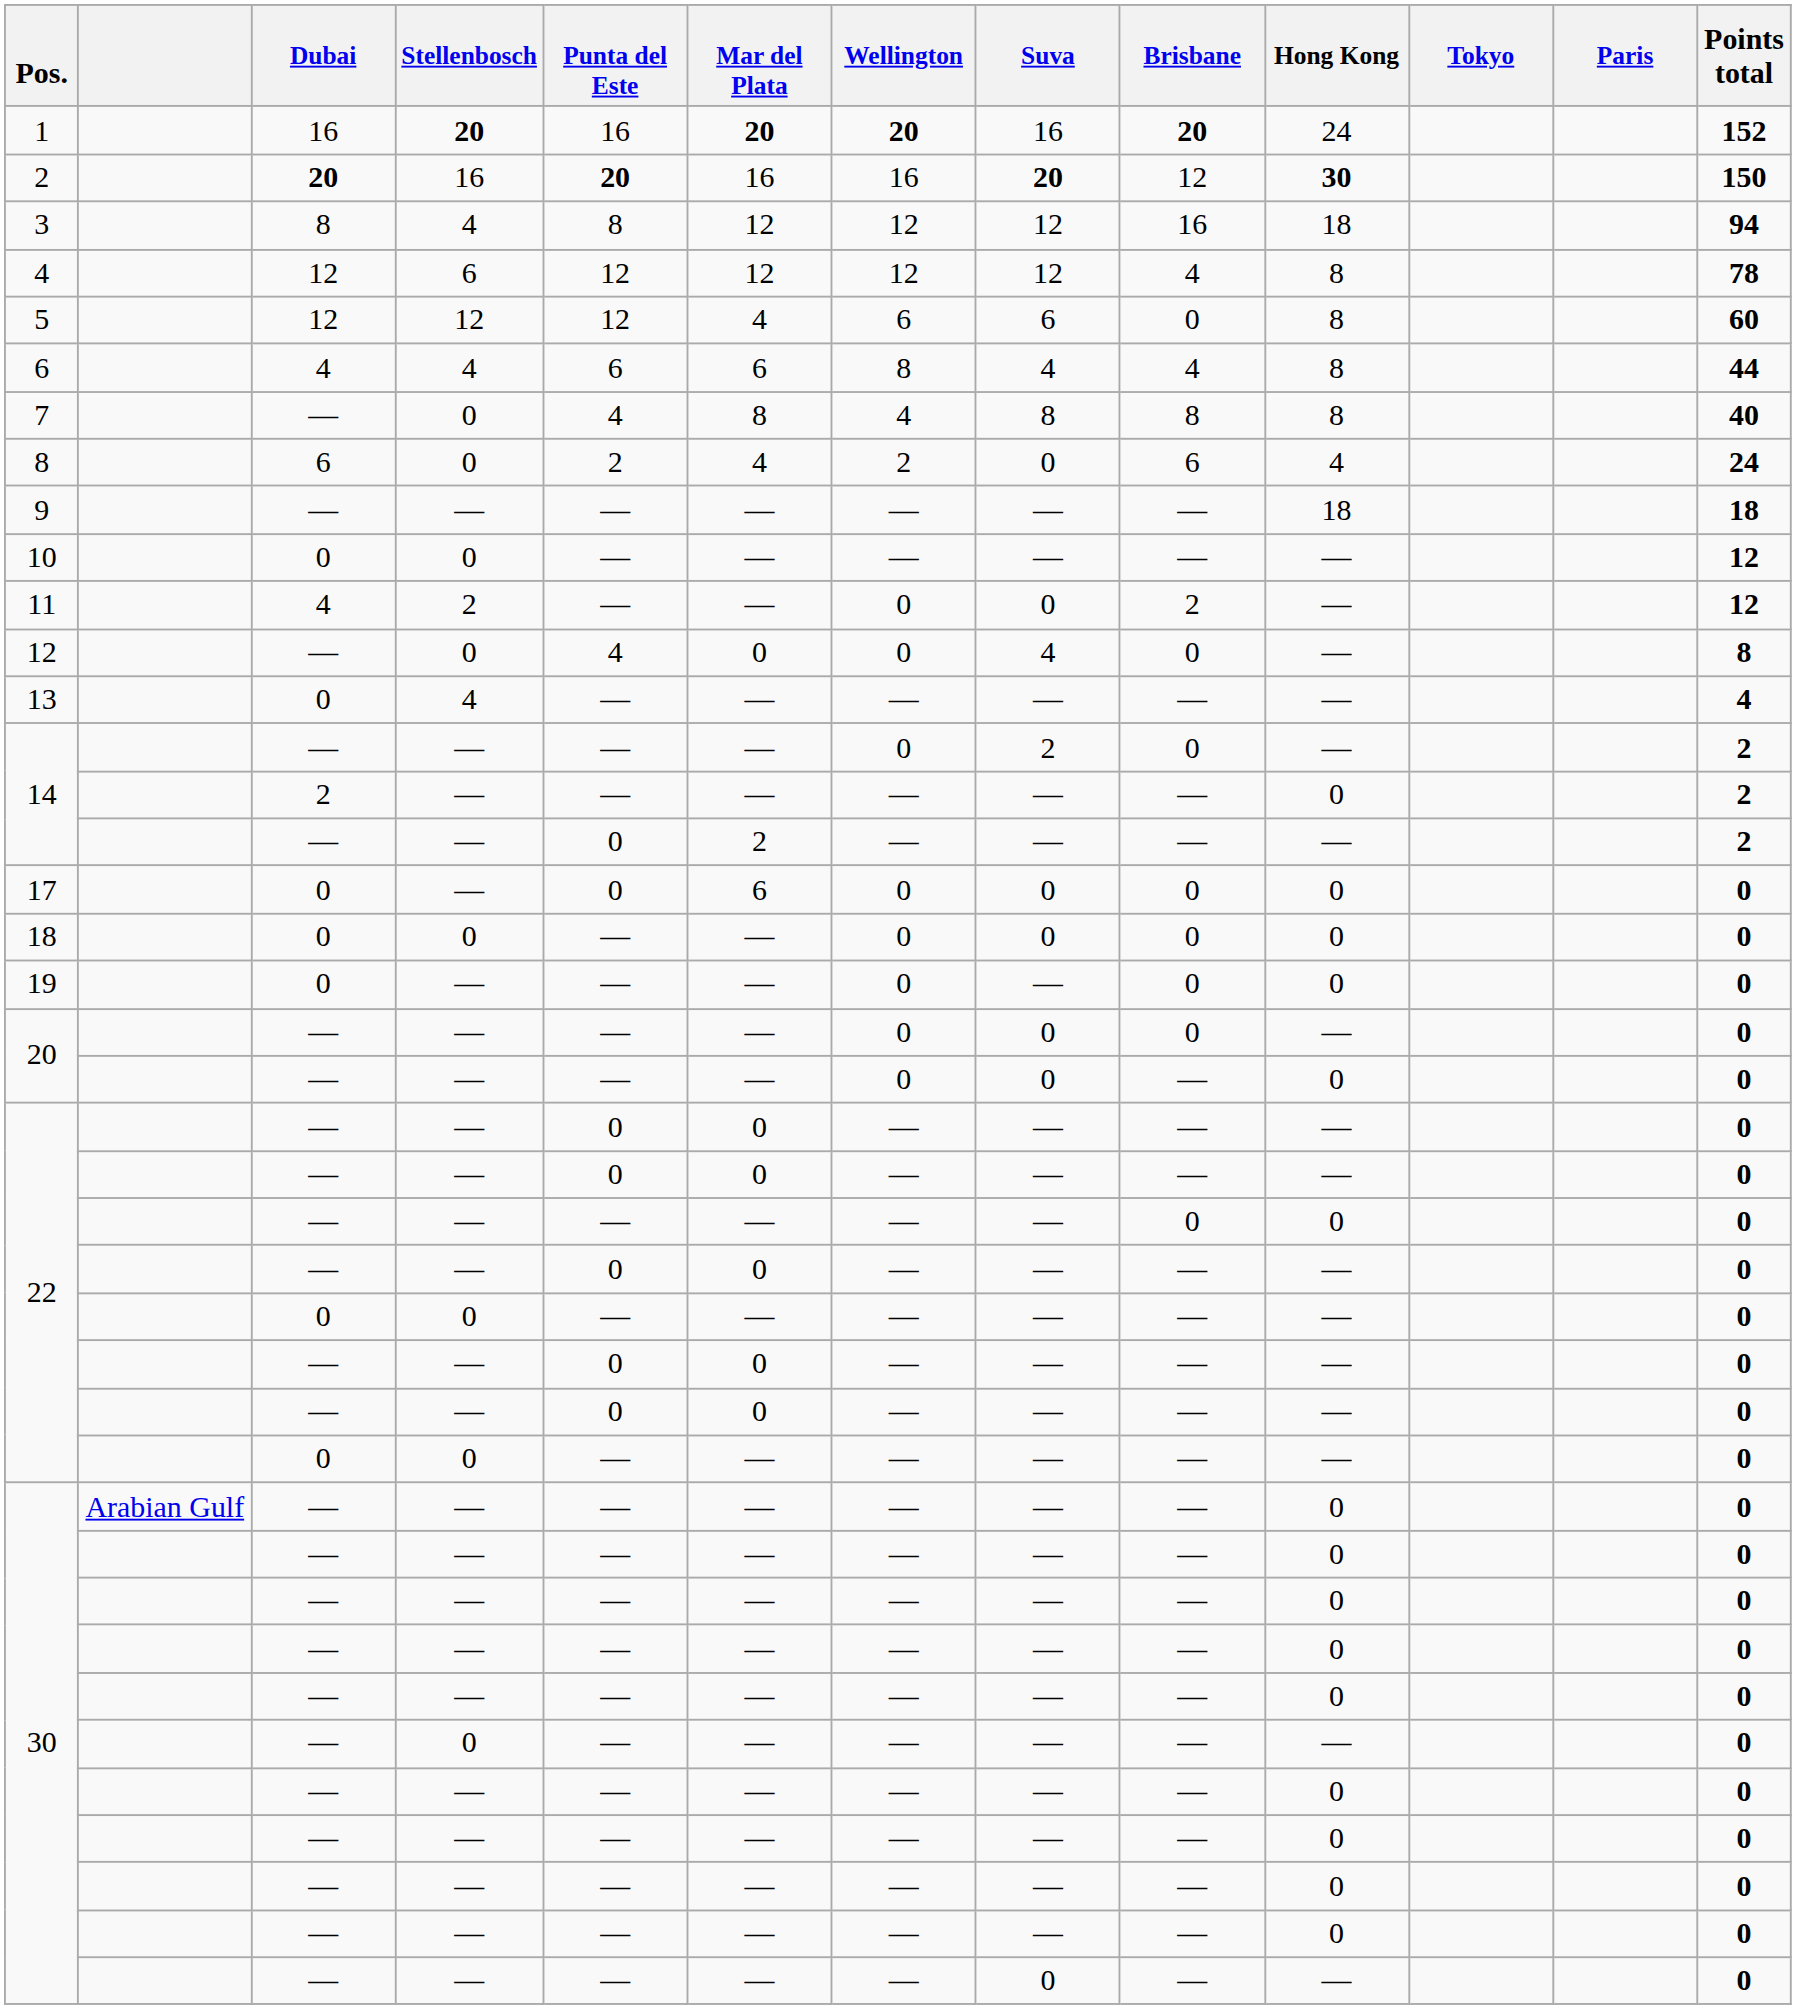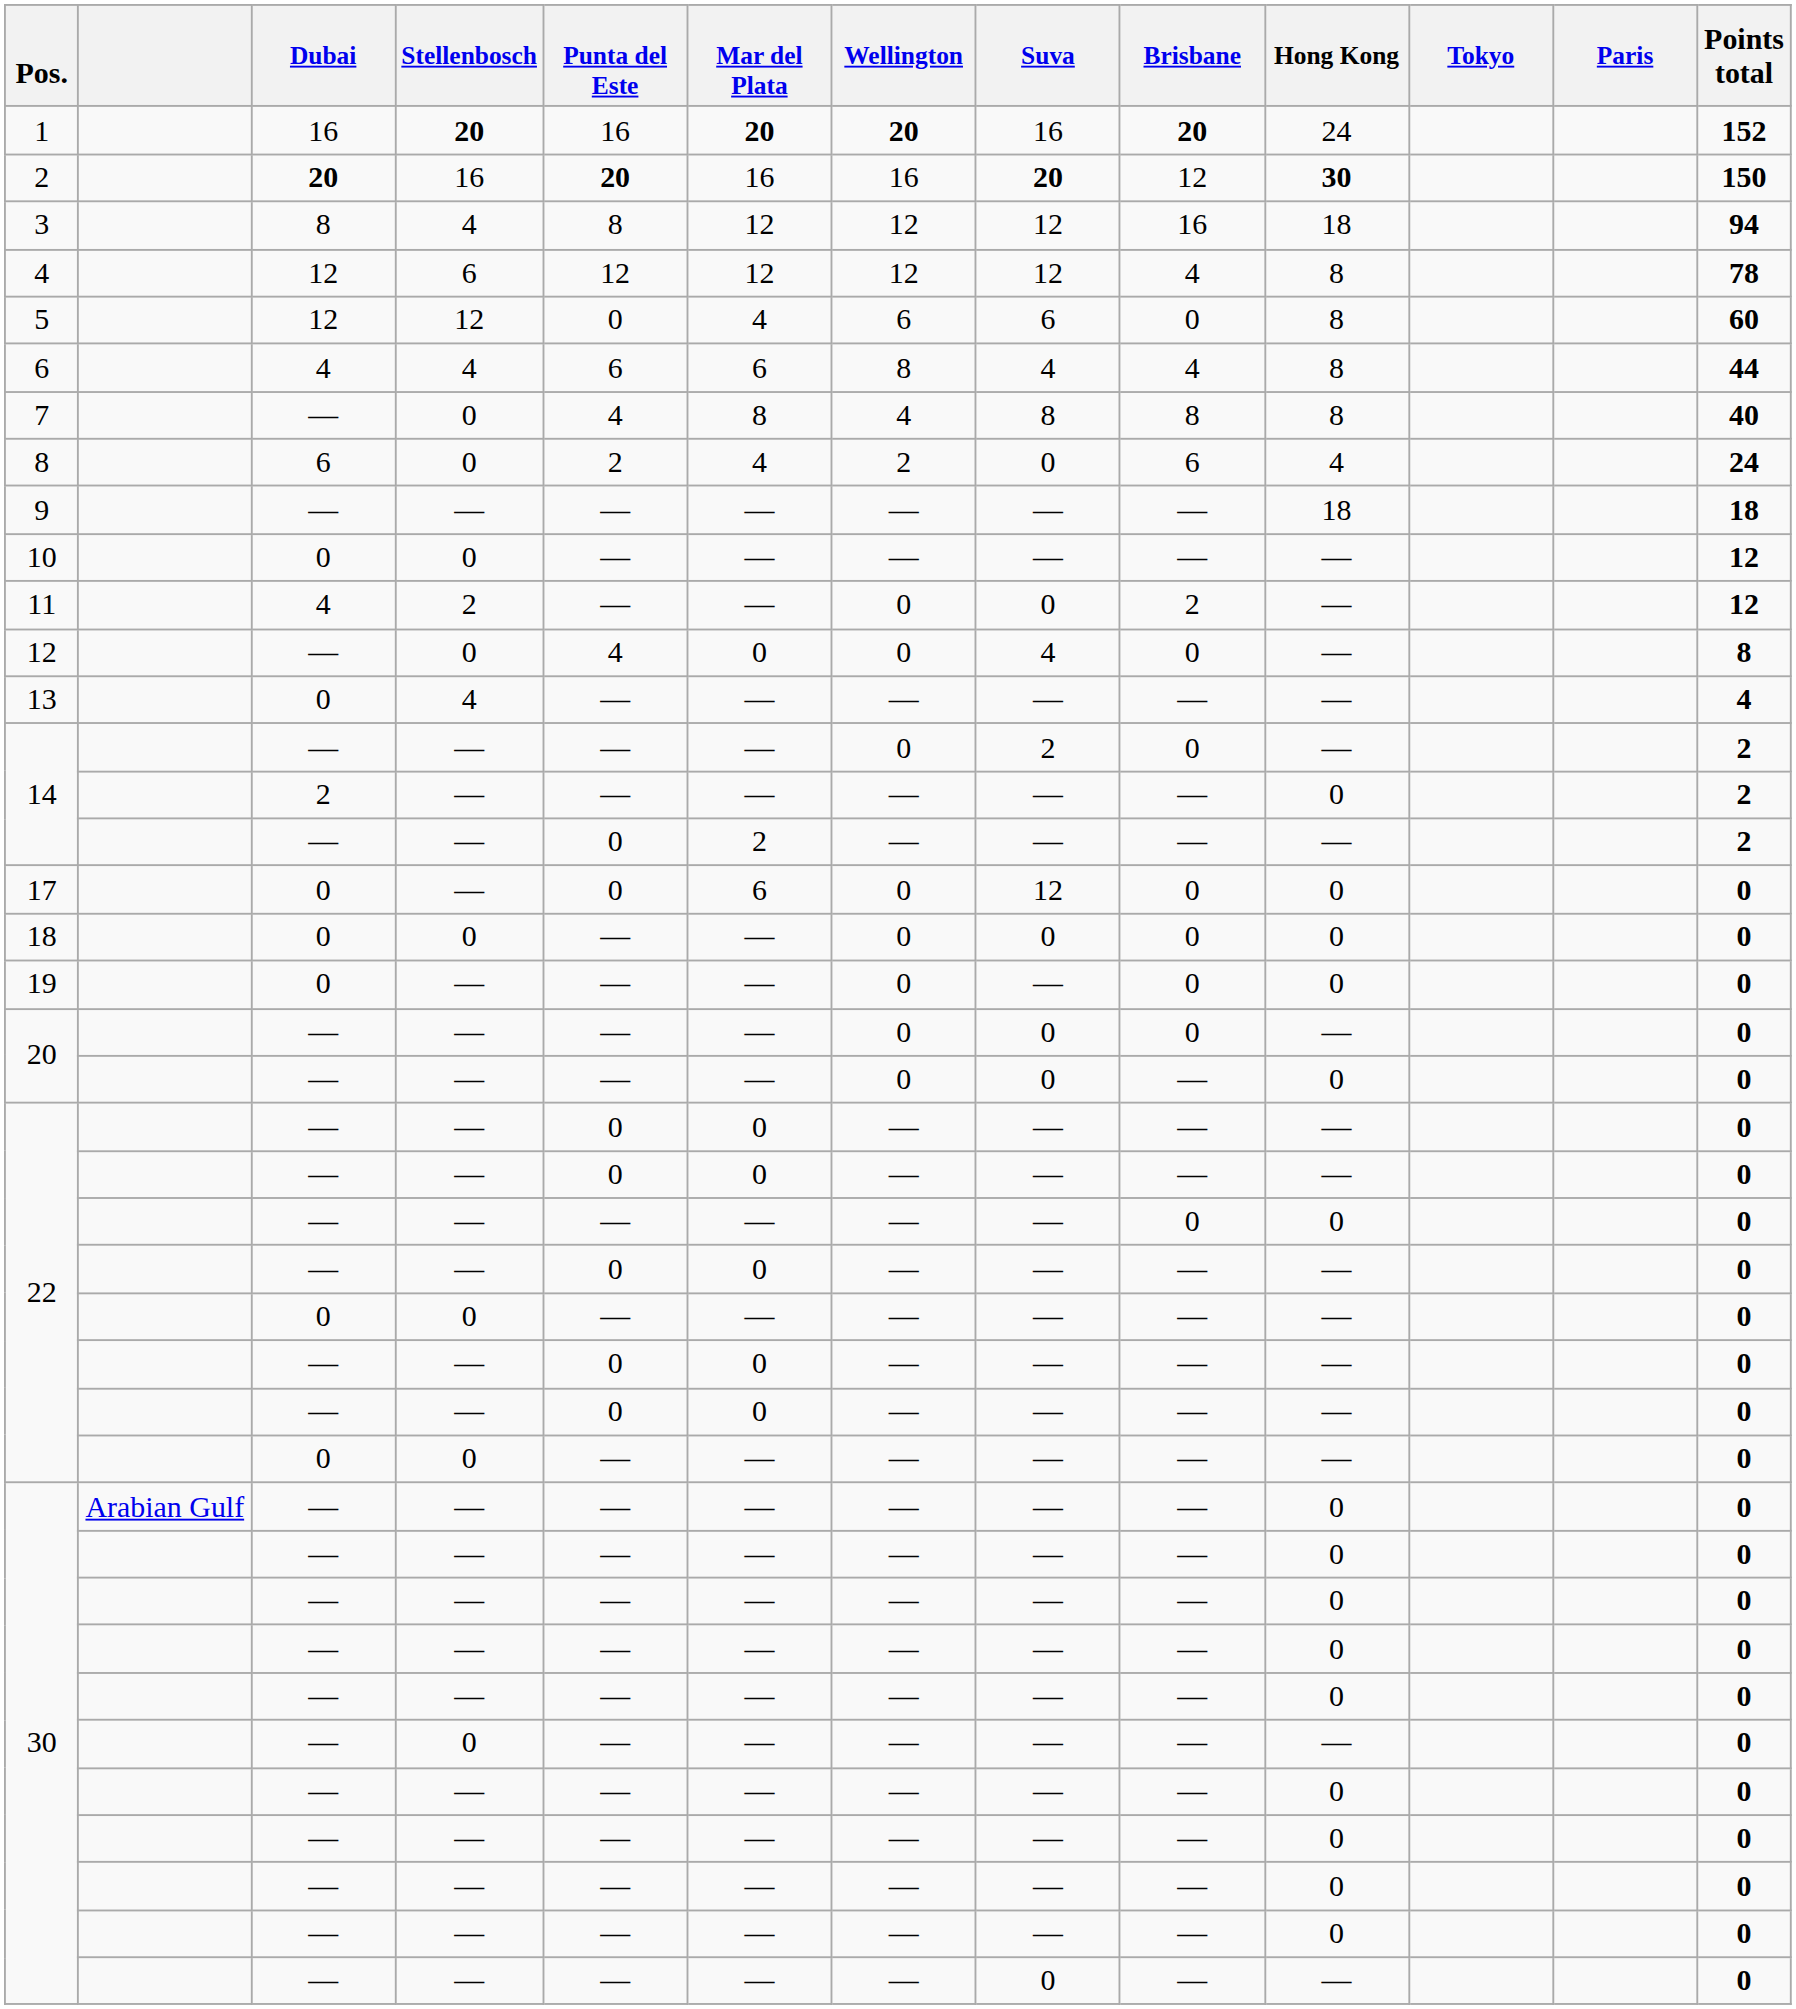 <table class="wikitable" style="text-align:center;">
 <tr>
 <th style="width:2em;"><br>Pos.</th>
 <th></th>
 <th style="width:5.2em; vertical-align:top; font-size:85%;"><br><a href='#'>Dubai</a></th>
 <th style="width:5.2em; vertical-align:top; font-size:85%;"><br><a href='#'>Stellenbosch</a></th>
 <th style="width:5.2em; vertical-align:top; font-size:85%;"><br><a href='#'>Punta del Este</a></th>
 <th style="width:5.2em; vertical-align:top; font-size:85%;"><br><a href='#'>Mar del Plata</a></th>
 <th style="width:5.2em; vertical-align:top; font-size:85%;"><br><a href='#'>Wellington</a></th>
 <th style="width:5.2em; vertical-align:top; font-size:85%;"><br><a href='#'>Suva</a></th>
 <th style="width:5.2em; vertical-align:top; font-size:85%;"><br><a href='#'>Brisbane</a></th>
 <th style="width:5.2em; vertical-align:top; font-size:85%;"><br>Hong Kong</th>
 <th style="width:5.2em; vertical-align:top; font-size:85%;"><br><a href='#'>Tokyo</a></th>
 <th style="width:5.2em; vertical-align:top; font-size:85%;"><br><a href='#'>Paris</a></th>
 <th>Points<br>total</th>
 </tr>
 <tr>
 <td>1</td>
 <td align=left></td>
 <td>16</td>
 <td><strong>20</strong></td>
 <td>16</td>
 <td><strong>20</strong></td>
 <td><strong>20</strong></td>
 <td>16</td>
 <td><strong>20</strong></td>
 <td>24</td>
 <td></td>
 <td></td>
 <td><strong>152</strong></td>
 </tr>
 <tr>
 <td>2</td>
 <td align=left></td>
 <td><strong>20</strong></td>
 <td>16</td>
 <td><strong>20</strong></td>
 <td>16</td>
 <td>16</td>
 <td><strong>20</strong></td>
 <td>12</td>
 <td><strong>30</strong></td>
 <td></td>
 <td></td>
 <td><strong>150</strong></td>
 </tr>
 <tr>
 <td>3</td>
 <td align=left></td>
 <td>8</td>
 <td>4</td>
 <td>8</td>
 <td>12</td>
 <td>12</td>
 <td>12</td>
 <td>16</td>
 <td>18</td>
 <td></td>
 <td></td>
 <td><strong>94</strong></td>
 </tr>
 <tr>
 <td>4</td>
 <td align=left></td>
 <td>12</td>
 <td>6</td>
 <td>12</td>
 <td>12</td>
 <td>12</td>
 <td>12</td>
 <td>4</td>
 <td>8</td>
 <td></td>
 <td></td>
 <td><strong>78</strong></td>
 </tr>
 <tr>
 <td>5</td>
 <td align=left></td>
 <td>12</td>
 <td>12</td>
-<td>12</td>
+<td>0</td>
 <td>4</td>
 <td>6</td>
 <td>6</td>
 <td>0 </td>
 <td>8</td>
 <td></td>
 <td></td>
 <td><strong>60</strong></td>
 </tr>
 <tr>
 <td>6</td>
 <td align=left></td>
 <td>4</td>
 <td>4</td>
 <td>6</td>
 <td>6</td>
 <td>8</td>
 <td>4</td>
 <td>4</td>
 <td>8</td>
 <td></td>
 <td></td>
 <td><strong>44</strong></td>
 </tr>
 <tr>
 <td>7</td>
 <td align=left></td>
 <td>—</td>
 <td>0</td>
 <td>4</td>
 <td>8</td>
 <td>4</td>
 <td>8</td>
 <td>8</td>
 <td>8</td>
 <td></td>
 <td></td>
 <td><strong>40</strong></td>
 </tr>
 <tr>
 <td>8</td>
 <td align=left></td>
 <td>6</td>
 <td>0</td>
 <td>2</td>
 <td>4</td>
 <td>2</td>
 <td>0</td>
 <td>6</td>
 <td>4</td>
 <td></td>
 <td></td>
 <td><strong>24</strong></td>
 </tr>
 <tr>
 <td>9</td>
 <td align=left></td>
 <td>—</td>
 <td>—</td>
 <td>—</td>
 <td>—</td>
 <td>—</td>
 <td>—</td>
 <td>—</td>
 <td>18</td>
 <td></td>
 <td></td>
 <td><strong>18</strong></td>
 </tr>
 <tr>
 <td>10</td>
 <td align=left></td>
 <td>0</td>
 <td>0</td>
 <td>—</td>
 <td>—</td>
 <td>—</td>
 <td>—</td>
 <td>—</td>
 <td>—</td>
 <td></td>
 <td></td>
 <td><strong>12</strong></td>
 </tr>
 <tr>
 <td>11</td>
 <td align=left></td>
 <td>4</td>
 <td>2</td>
 <td>—</td>
 <td>—</td>
 <td>0</td>
 <td>0</td>
 <td>2</td>
 <td>—</td>
 <td></td>
 <td></td>
 <td><strong>12</strong></td>
 </tr>
 <tr>
 <td>12</td>
 <td align=left></td>
 <td>—</td>
 <td>0</td>
 <td>4</td>
 <td>0</td>
 <td>0</td>
 <td>4</td>
 <td>0</td>
 <td>—</td>
 <td></td>
 <td></td>
 <td><strong>8</strong></td>
 </tr>
 <tr>
 <td>13</td>
 <td align=left></td>
 <td>0</td>
 <td>4</td>
 <td>—</td>
 <td>—</td>
 <td>—</td>
 <td>—</td>
 <td>—</td>
 <td>—</td>
 <td></td>
 <td></td>
 <td><strong>4</strong></td>
 </tr>
 <tr>
 <td rowspan=3>14</td>
 <td align=left></td>
 <td>—</td>
 <td>—</td>
 <td>—</td>
 <td>—</td>
 <td>0</td>
 <td>2</td>
 <td>0</td>
 <td>—</td>
 <td></td>
 <td></td>
 <td><strong>2</strong></td>
 </tr>
 <tr>
 <td align=left></td>
 <td>2</td>
 <td>—</td>
 <td>—</td>
 <td>—</td>
 <td>—</td>
 <td>—</td>
 <td>—</td>
 <td>0</td>
 <td></td>
 <td></td>
 <td><strong>2</strong></td>
 </tr>
 <tr>
 <td align=left></td>
 <td>—</td>
 <td>—</td>
 <td>0</td>
 <td>2</td>
 <td>—</td>
 <td>—</td>
 <td>—</td>
 <td>—</td>
 <td></td>
 <td></td>
 <td><strong>2</strong></td>
 </tr>
 <tr>
 <td>17</td>
 <td align=left></td>
 <td>0</td>
 <td>—</td>
 <td>0</td>
 <td>6</td>
 <td>0</td>
-<td>0</td>
+<td>12</td>
 <td>0</td>
 <td>0</td>
 <td></td>
 <td></td>
 <td><strong>0</strong></td>
 </tr>
 <tr>
 <td>18</td>
 <td align=left></td>
 <td>0</td>
 <td>0</td>
 <td>—</td>
 <td>—</td>
 <td>0</td>
 <td>0</td>
 <td>0</td>
 <td>0</td>
 <td></td>
 <td></td>
 <td><strong>0</strong></td>
 </tr>
 <tr>
 <td>19</td>
 <td align=left></td>
 <td>0</td>
 <td>—</td>
 <td>—</td>
 <td>—</td>
 <td>0</td>
 <td>—</td>
 <td>0</td>
 <td>0</td>
 <td></td>
 <td></td>
 <td><strong>0</strong></td>
 </tr>
 <tr>
 <td rowspan=2>20</td>
 <td align=left></td>
 <td>—</td>
 <td>—</td>
 <td>—</td>
 <td>—</td>
 <td>0</td>
 <td>0</td>
 <td>0</td>
 <td>—</td>
 <td></td>
 <td></td>
 <td><strong>0</strong></td>
 </tr>
 <tr>
 <td align=left></td>
 <td>—</td>
 <td>—</td>
 <td>—</td>
 <td>—</td>
 <td>0</td>
 <td>0</td>
 <td>—</td>
 <td>0</td>
 <td></td>
 <td></td>
 <td><strong>0</strong></td>
 </tr>
 <tr>
 <td rowspan=8>22</td>
 <td align=left></td>
 <td>—</td>
 <td>—</td>
 <td>0</td>
 <td>0</td>
 <td>—</td>
 <td>—</td>
 <td>—</td>
 <td>—</td>
 <td></td>
 <td></td>
 <td><strong>0</strong></td>
 </tr>
 <tr>
 <td align=left></td>
 <td>—</td>
 <td>—</td>
 <td>0</td>
 <td>0</td>
 <td>—</td>
 <td>—</td>
 <td>—</td>
 <td>—</td>
 <td></td>
 <td></td>
 <td><strong>0</strong></td>
 </tr>
 <tr>
 <td align=left></td>
 <td>—</td>
 <td>—</td>
 <td>—</td>
 <td>—</td>
 <td>—</td>
 <td>—</td>
 <td>0</td>
 <td>0</td>
 <td></td>
 <td></td>
 <td><strong>0</strong></td>
 </tr>
 <tr>
 <td align=left></td>
 <td>—</td>
 <td>—</td>
 <td>0</td>
 <td>0</td>
 <td>—</td>
 <td>—</td>
 <td>—</td>
 <td>—</td>
 <td></td>
 <td></td>
 <td><strong>0</strong></td>
 </tr>
 <tr>
 <td align=left></td>
 <td>0</td>
 <td>0</td>
 <td>—</td>
 <td>—</td>
 <td>—</td>
 <td>—</td>
 <td>—</td>
 <td>—</td>
 <td></td>
 <td></td>
 <td><strong>0</strong></td>
 </tr>
 <tr>
 <td align=left></td>
 <td>—</td>
 <td>—</td>
 <td>0</td>
 <td>0</td>
 <td>—</td>
 <td>—</td>
 <td>—</td>
 <td>—</td>
 <td></td>
 <td></td>
 <td><strong>0</strong></td>
 </tr>
 <tr>
 <td align=left></td>
 <td>—</td>
 <td>—</td>
 <td>0</td>
 <td>0</td>
 <td>—</td>
 <td>—</td>
 <td>—</td>
 <td>—</td>
 <td></td>
 <td></td>
 <td><strong>0</strong></td>
 </tr>
 <tr>
 <td align=left></td>
 <td>0</td>
 <td>0</td>
 <td>—</td>
 <td>—</td>
 <td>—</td>
 <td>—</td>
 <td>—</td>
 <td>—</td>
 <td></td>
 <td></td>
 <td><strong>0</strong></td>
 </tr>
 <tr>
 <td rowspan=11>30</td>
 <td align=left> <a href='#'>Arabian Gulf</a></td>
 <td>—</td>
 <td>—</td>
 <td>—</td>
 <td>—</td>
 <td>—</td>
 <td>—</td>
 <td>—</td>
 <td>0</td>
 <td></td>
 <td></td>
 <td><strong>0</strong></td>
 </tr>
 <tr>
 <td align=left></td>
 <td>—</td>
 <td>—</td>
 <td>—</td>
 <td>—</td>
 <td>—</td>
 <td>—</td>
 <td>—</td>
 <td>0</td>
 <td></td>
 <td></td>
 <td><strong>0</strong></td>
 </tr>
 <tr>
 <td align=left></td>
 <td>—</td>
 <td>—</td>
 <td>—</td>
 <td>—</td>
 <td>—</td>
 <td>—</td>
 <td>—</td>
 <td>0</td>
 <td></td>
 <td></td>
 <td><strong>0</strong></td>
 </tr>
 <tr>
 <td align=left></td>
 <td>—</td>
 <td>—</td>
 <td>—</td>
 <td>—</td>
 <td>—</td>
 <td>—</td>
 <td>—</td>
 <td>0</td>
 <td></td>
 <td></td>
 <td><strong>0</strong></td>
 </tr>
 <tr>
 <td align=left></td>
 <td>—</td>
 <td>—</td>
 <td>—</td>
 <td>—</td>
 <td>—</td>
 <td>—</td>
 <td>—</td>
 <td>0</td>
 <td></td>
 <td></td>
 <td><strong>0</strong></td>
 </tr>
 <tr>
 <td align=left></td>
 <td>—</td>
 <td>0</td>
 <td>—</td>
 <td>—</td>
 <td>—</td>
 <td>—</td>
 <td>—</td>
 <td>—</td>
 <td></td>
 <td></td>
 <td><strong>0</strong></td>
 </tr>
 <tr>
 <td align=left></td>
 <td>—</td>
 <td>—</td>
 <td>—</td>
 <td>—</td>
 <td>—</td>
 <td>—</td>
 <td>—</td>
 <td>0</td>
 <td></td>
 <td></td>
 <td><strong>0</strong></td>
 </tr>
 <tr>
 <td align=left></td>
 <td>—</td>
 <td>—</td>
 <td>—</td>
 <td>—</td>
 <td>—</td>
 <td>—</td>
 <td>—</td>
 <td>0</td>
 <td></td>
 <td></td>
 <td><strong>0</strong></td>
 </tr>
 <tr>
 <td align=left></td>
 <td>—</td>
 <td>—</td>
 <td>—</td>
 <td>—</td>
 <td>—</td>
 <td>—</td>
 <td>—</td>
 <td>0</td>
 <td></td>
 <td></td>
 <td><strong>0</strong></td>
 </tr>
 <tr>
 <td align=left></td>
 <td>—</td>
 <td>—</td>
 <td>—</td>
 <td>—</td>
 <td>—</td>
 <td>—</td>
 <td>—</td>
 <td>0</td>
 <td></td>
 <td></td>
 <td><strong>0</strong></td>
 </tr>
 <tr>
 <td align=left></td>
 <td>—</td>
 <td>—</td>
 <td>—</td>
 <td>—</td>
 <td>—</td>
 <td>0</td>
 <td>—</td>
 <td>—</td>
 <td></td>
 <td></td>
 <td><strong>0</strong></td>
 </tr>
 </table>
